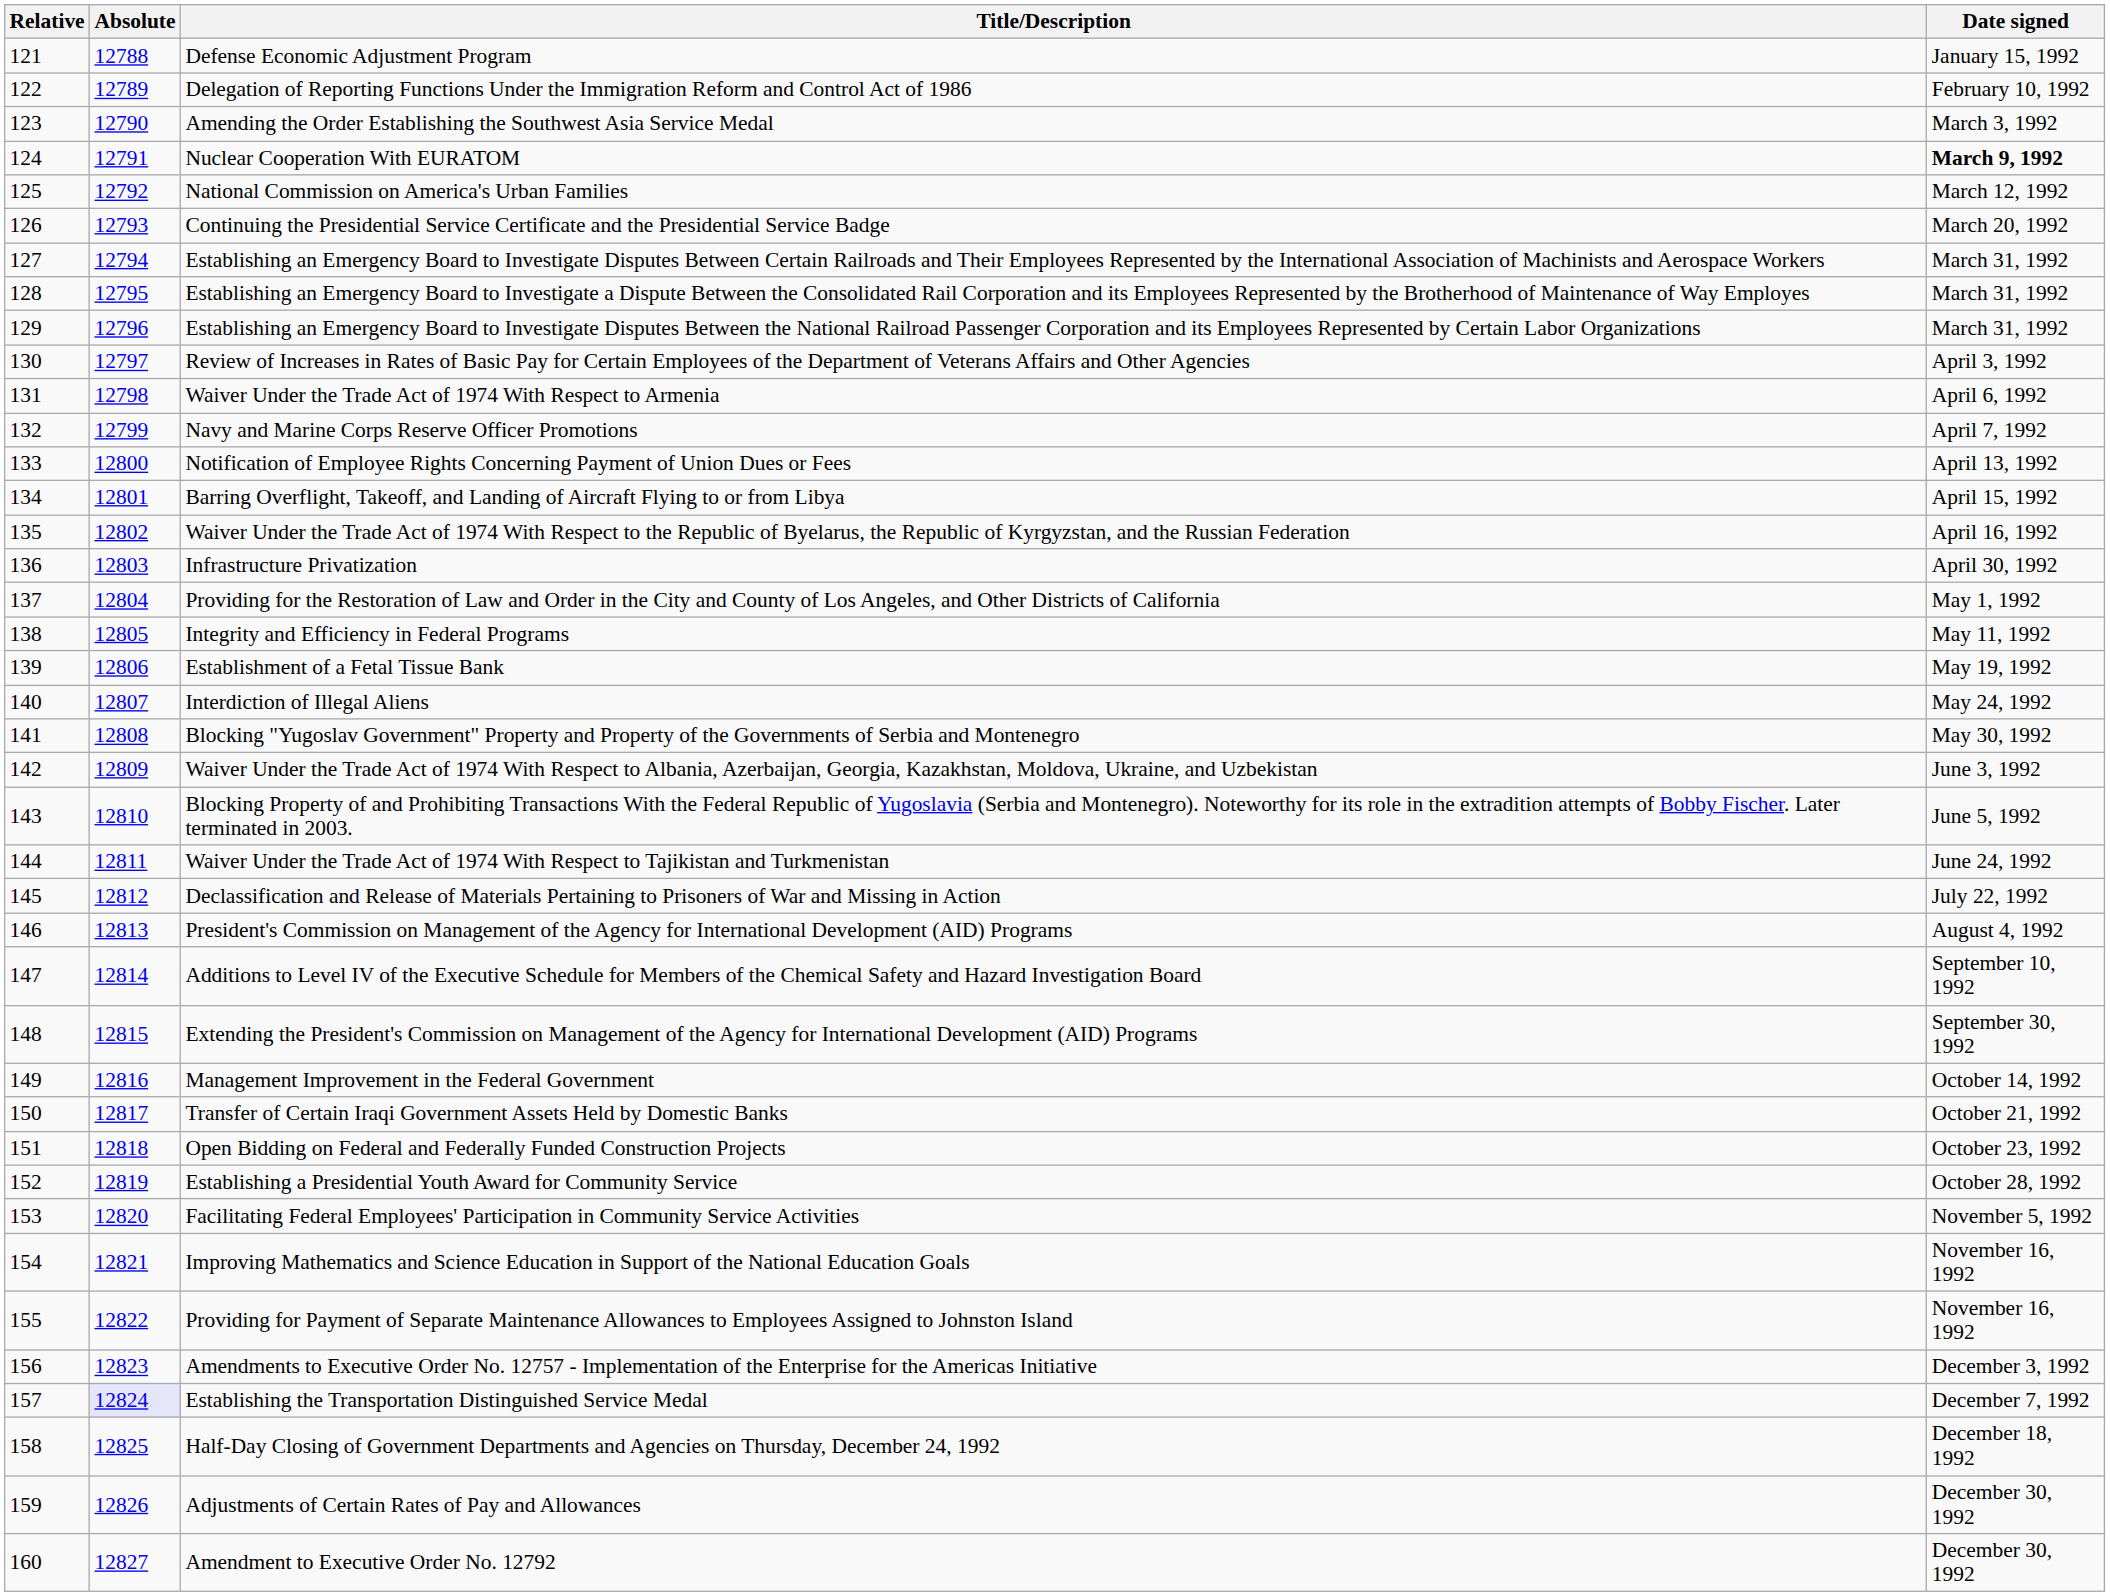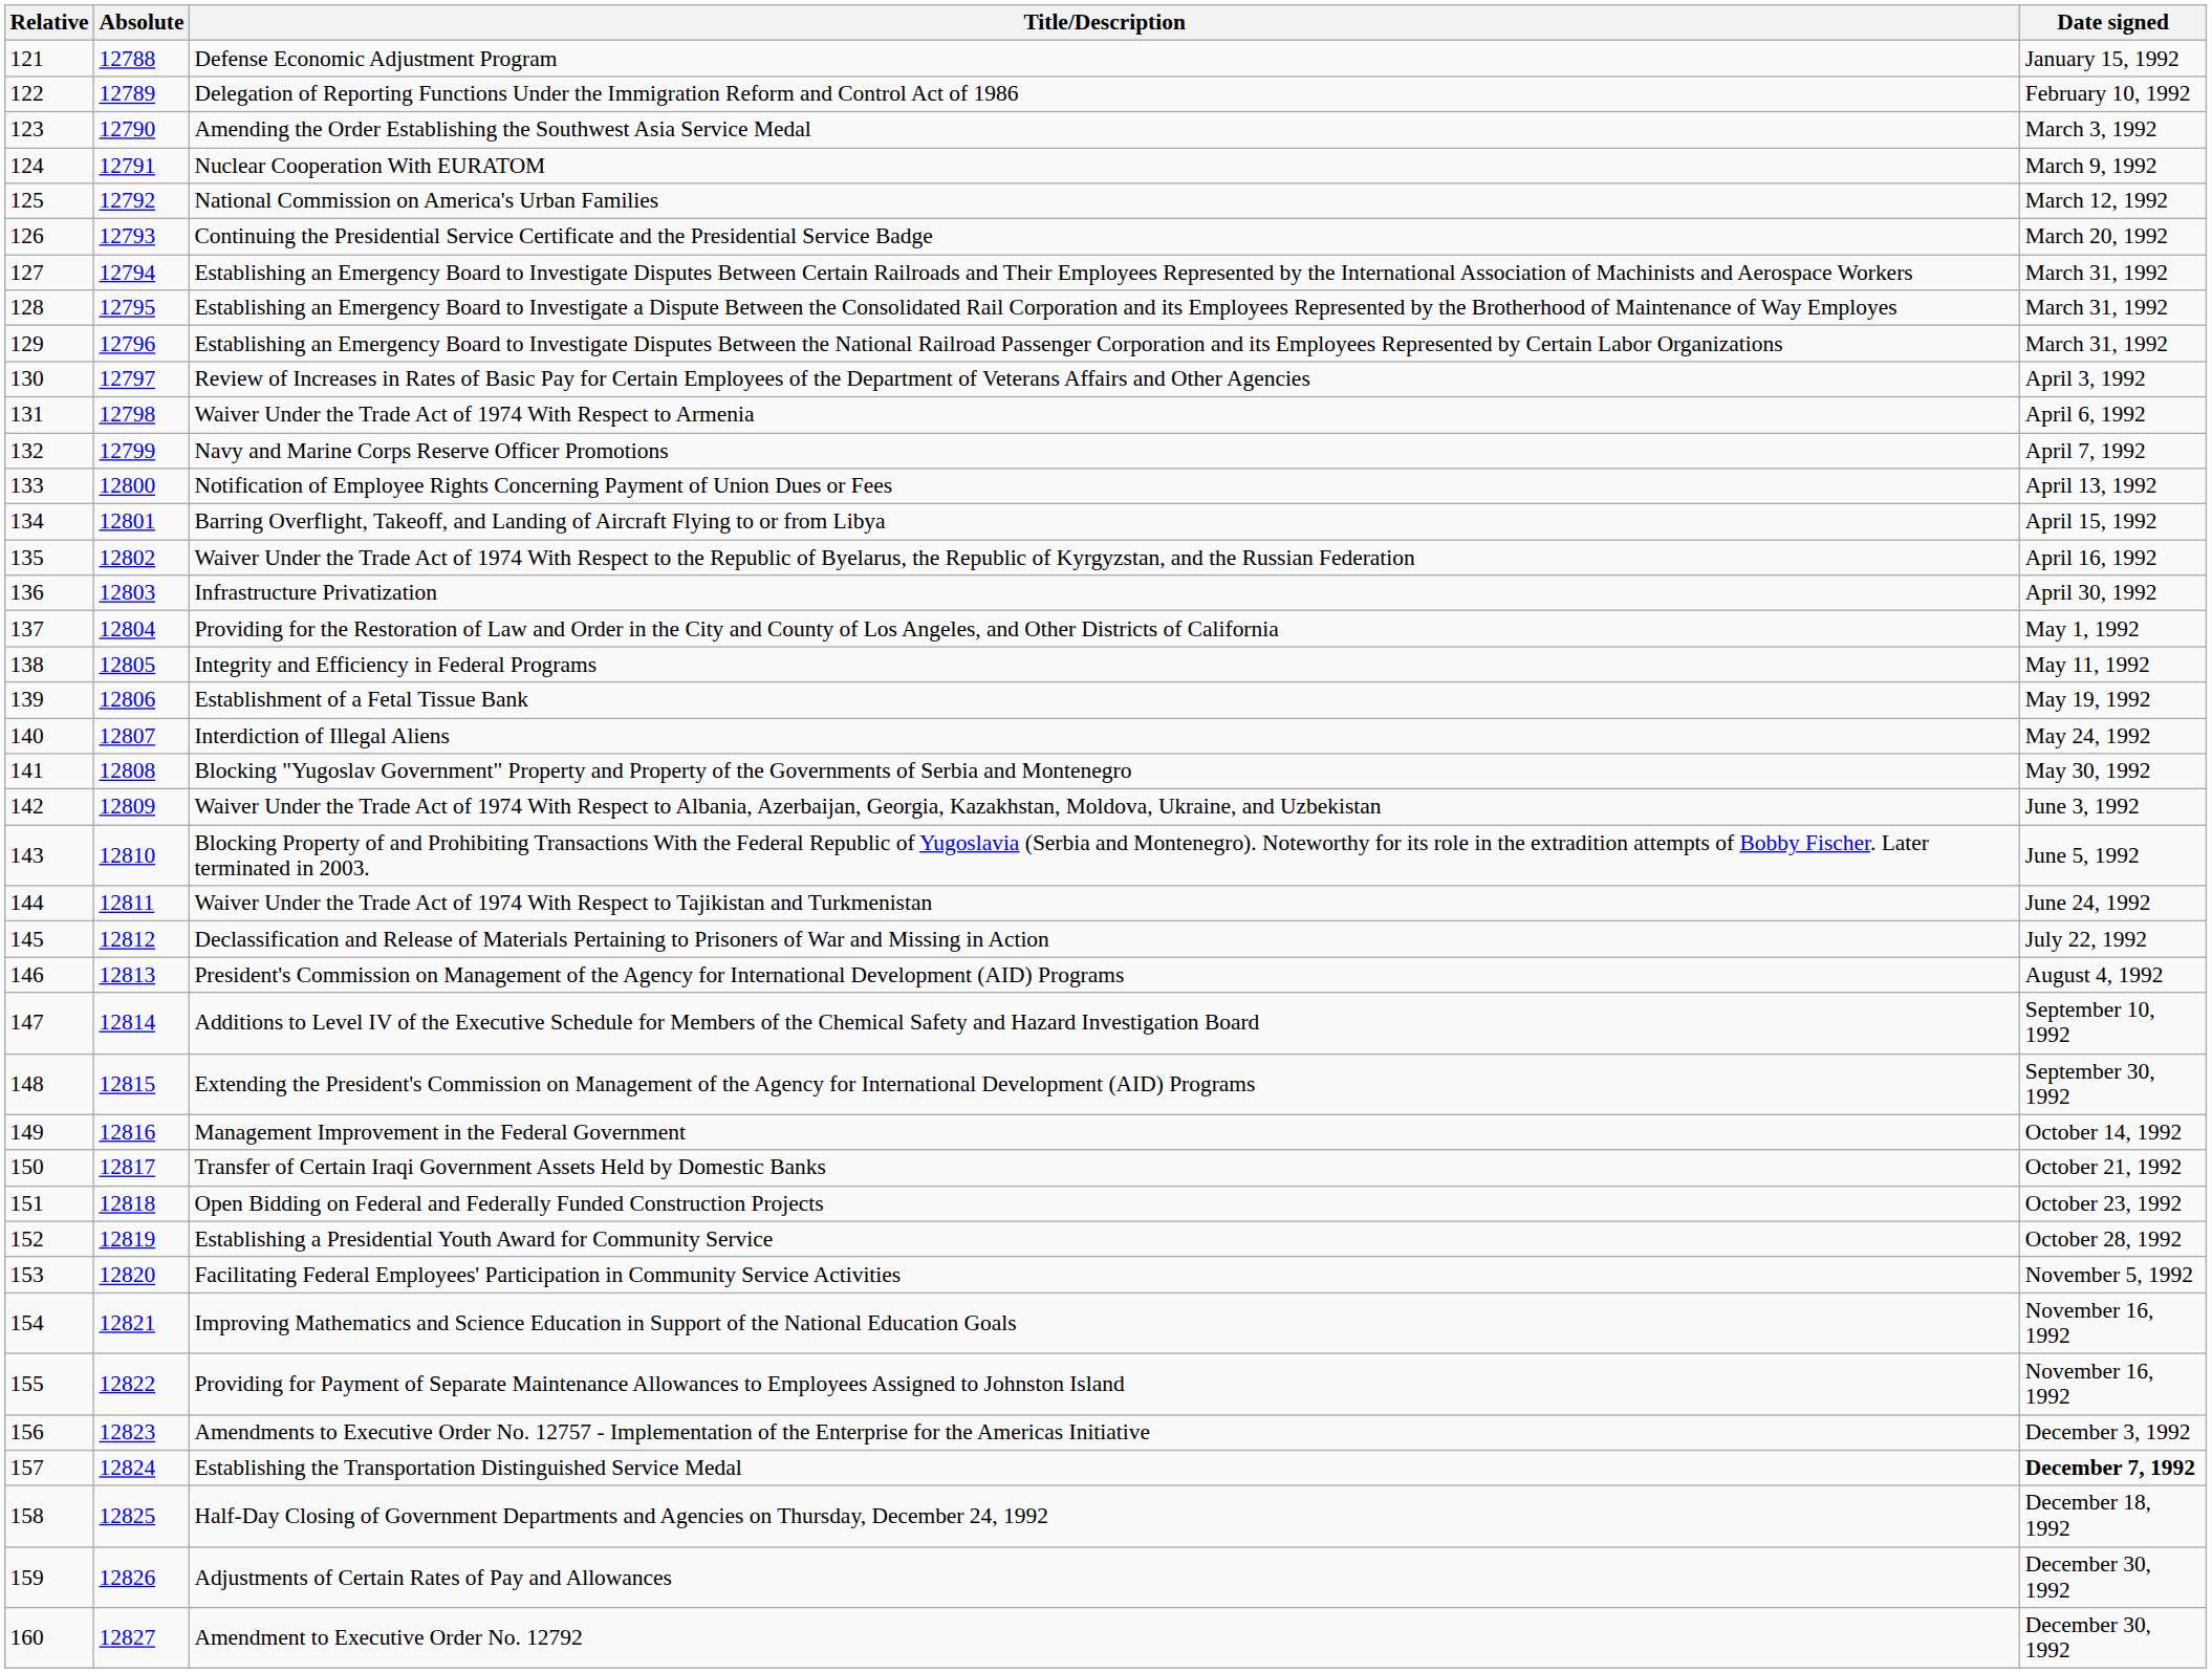 <table class="wikitable">
 <tr>
 <th>Relative </th>
 <th>Absolute </th>
 <th>Title/Description</th>
 <th>Date signed</th>
 </tr>
 <tr>
 <td>121</td>
 <td><a href='#'>12788</a></td>
 <td>Defense Economic Adjustment Program</td>
 <td>January 15, 1992</td>
 </tr>
 <tr>
 <td>122</td>
 <td><a href='#'>12789</a></td>
 <td>Delegation of Reporting Functions Under the Immigration Reform and Control Act of 1986</td>
 <td>February 10, 1992</td>
 </tr>
 <tr>
 <td>123</td>
 <td><a href='#'>12790</a></td>
 <td>Amending the Order Establishing the Southwest Asia Service Medal</td>
 <td>March 3, 1992</td>
 </tr>
 <tr>
 <td>124</td>
 <td><a href='#'>12791</a></td>
 <td>Nuclear Cooperation With EURATOM</td>
-<td><strong>March 9, 1992</strong></td>
+<td>March 9, 1992</td>
 </tr>
 <tr>
 <td>125</td>
 <td><a href='#'>12792</a></td>
 <td>National Commission on America's Urban Families</td>
 <td>March 12, 1992</td>
 </tr>
 <tr>
 <td>126</td>
 <td><a href='#'>12793</a></td>
 <td>Continuing the Presidential Service Certificate and the Presidential Service Badge</td>
 <td>March 20, 1992</td>
 </tr>
 <tr>
 <td>127</td>
 <td><a href='#'>12794</a></td>
 <td>Establishing an Emergency Board to Investigate Disputes Between Certain Railroads and Their Employees Represented by the International Association of Machinists and Aerospace Workers</td>
 <td>March 31, 1992</td>
 </tr>
 <tr>
 <td>128</td>
 <td><a href='#'>12795</a></td>
 <td>Establishing an Emergency Board to Investigate a Dispute Between the Consolidated Rail Corporation and its Employees Represented by the Brotherhood of Maintenance of Way Employes</td>
 <td>March 31, 1992</td>
 </tr>
 <tr>
 <td>129</td>
 <td><a href='#'>12796</a></td>
 <td>Establishing an Emergency Board to Investigate Disputes Between the National Railroad Passenger Corporation and its Employees Represented by Certain Labor Organizations</td>
 <td>March 31, 1992</td>
 </tr>
 <tr>
 <td>130</td>
 <td><a href='#'>12797</a></td>
 <td>Review of Increases in Rates of Basic Pay for Certain Employees of the Department of Veterans Affairs and Other Agencies</td>
 <td>April 3, 1992</td>
 </tr>
 <tr>
 <td>131</td>
 <td><a href='#'>12798</a></td>
 <td>Waiver Under the Trade Act of 1974 With Respect to Armenia</td>
 <td>April 6, 1992</td>
 </tr>
 <tr>
 <td>132</td>
 <td><a href='#'>12799</a></td>
 <td>Navy and Marine Corps Reserve Officer Promotions</td>
 <td>April 7, 1992</td>
 </tr>
 <tr>
 <td>133</td>
 <td><a href='#'>12800</a></td>
 <td>Notification of Employee Rights Concerning Payment of Union Dues or Fees</td>
 <td>April 13, 1992</td>
 </tr>
 <tr>
 <td>134</td>
 <td><a href='#'>12801</a></td>
 <td>Barring Overflight, Takeoff, and Landing of Aircraft Flying to or from Libya</td>
 <td>April 15, 1992</td>
 </tr>
 <tr>
 <td>135</td>
 <td><a href='#'>12802</a></td>
 <td>Waiver Under the Trade Act of 1974 With Respect to the Republic of Byelarus, the Republic of Kyrgyzstan, and the Russian Federation</td>
 <td>April 16, 1992</td>
 </tr>
 <tr>
 <td>136</td>
 <td><a href='#'>12803</a></td>
 <td>Infrastructure Privatization</td>
 <td>April 30, 1992</td>
 </tr>
 <tr>
 <td>137</td>
 <td><a href='#'>12804</a></td>
 <td>Providing for the Restoration of Law and Order in the City and County of Los Angeles, and Other Districts of California</td>
 <td>May 1, 1992</td>
 </tr>
 <tr>
 <td>138</td>
 <td><a href='#'>12805</a></td>
 <td>Integrity and Efficiency in Federal Programs</td>
 <td>May 11, 1992</td>
 </tr>
 <tr>
 <td>139</td>
 <td><a href='#'>12806</a></td>
 <td>Establishment of a Fetal Tissue Bank</td>
 <td>May 19, 1992</td>
 </tr>
 <tr>
 <td>140</td>
 <td><a href='#'>12807</a></td>
 <td>Interdiction of Illegal Aliens</td>
 <td>May 24, 1992</td>
 </tr>
 <tr>
 <td>141</td>
 <td><a href='#'>12808</a></td>
 <td>Blocking "Yugoslav Government" Property and Property of the Governments of Serbia and Montenegro</td>
 <td>May 30, 1992</td>
 </tr>
 <tr>
 <td>142</td>
 <td><a href='#'>12809</a></td>
 <td>Waiver Under the Trade Act of 1974 With Respect to Albania, Azerbaijan, Georgia, Kazakhstan, Moldova, Ukraine, and Uzbekistan</td>
 <td>June 3, 1992</td>
 </tr>
 <tr>
 <td>143</td>
 <td><a href='#'>12810</a></td>
 <td>Blocking Property of and Prohibiting Transactions With the Federal Republic of <a href='#'>Yugoslavia</a> (Serbia and Montenegro). Noteworthy for its role in the extradition attempts of <a href='#'>Bobby Fischer</a>. Later terminated in 2003.</td>
 <td>June 5, 1992</td>
 </tr>
 <tr>
 <td>144</td>
 <td><a href='#'>12811</a></td>
 <td>Waiver Under the Trade Act of 1974 With Respect to Tajikistan and Turkmenistan</td>
 <td>June 24, 1992</td>
 </tr>
 <tr>
 <td>145</td>
 <td><a href='#'>12812</a></td>
 <td>Declassification and Release of Materials Pertaining to Prisoners of War and Missing in Action</td>
 <td>July 22, 1992</td>
 </tr>
 <tr>
 <td>146</td>
 <td><a href='#'>12813</a></td>
 <td>President's Commission on Management of the Agency for International Development (AID) Programs</td>
 <td>August 4, 1992</td>
 </tr>
 <tr>
 <td>147</td>
 <td><a href='#'>12814</a></td>
 <td>Additions to Level IV of the Executive Schedule for Members of the Chemical Safety and Hazard Investigation Board</td>
 <td>September 10, 1992</td>
 </tr>
 <tr>
 <td>148</td>
 <td><a href='#'>12815</a></td>
 <td>Extending the President's Commission on Management of the Agency for International Development (AID) Programs</td>
 <td>September 30, 1992</td>
 </tr>
 <tr>
 <td>149</td>
 <td><a href='#'>12816</a></td>
 <td>Management Improvement in the Federal Government</td>
 <td>October 14, 1992</td>
 </tr>
 <tr>
 <td>150</td>
 <td><a href='#'>12817</a></td>
 <td>Transfer of Certain Iraqi Government Assets Held by Domestic Banks</td>
 <td>October 21, 1992</td>
 </tr>
 <tr>
 <td>151</td>
 <td><a href='#'>12818</a></td>
 <td>Open Bidding on Federal and Federally Funded Construction Projects</td>
 <td>October 23, 1992</td>
 </tr>
 <tr>
 <td>152</td>
 <td><a href='#'>12819</a></td>
 <td>Establishing a Presidential Youth Award for Community Service</td>
 <td>October 28, 1992</td>
 </tr>
 <tr>
 <td>153</td>
 <td><a href='#'>12820</a></td>
 <td>Facilitating Federal Employees' Participation in Community Service Activities</td>
 <td>November 5, 1992</td>
 </tr>
 <tr>
 <td>154</td>
 <td><a href='#'>12821</a></td>
 <td>Improving Mathematics and Science Education in Support of the National Education Goals</td>
 <td>November 16, 1992</td>
 </tr>
 <tr>
 <td>155</td>
 <td><a href='#'>12822</a></td>
 <td>Providing for Payment of Separate Maintenance Allowances to Employees Assigned to Johnston Island</td>
 <td>November 16, 1992</td>
 </tr>
 <tr>
 <td>156</td>
 <td><a href='#'>12823</a></td>
 <td>Amendments to Executive Order No. 12757 - Implementation of the Enterprise for the Americas Initiative</td>
 <td>December 3, 1992</td>
 </tr>
 <tr>
 <td>157</td>
-<td style="background: lavender;"><a href='#'>12824</a></td>
+<td><a href='#'>12824</a></td>
 <td>Establishing the Transportation Distinguished Service Medal</td>
-<td>December 7, 1992</td>
+<td><strong>December 7, 1992</strong></td>
 </tr>
 <tr>
 <td>158</td>
 <td><a href='#'>12825</a></td>
 <td>Half-Day Closing of Government Departments and Agencies on Thursday, December 24, 1992</td>
 <td>December 18, 1992</td>
 </tr>
 <tr>
 <td>159</td>
 <td><a href='#'>12826</a></td>
 <td>Adjustments of Certain Rates of Pay and Allowances</td>
 <td>December 30, 1992</td>
 </tr>
 <tr>
 <td>160</td>
 <td><a href='#'>12827</a></td>
 <td>Amendment to Executive Order No. 12792</td>
 <td>December 30, 1992</td>
 </tr>
 </table>
